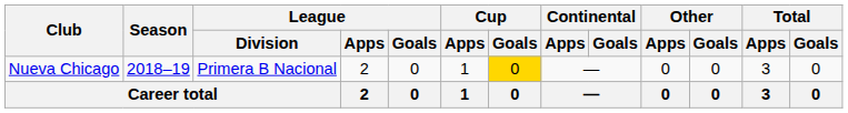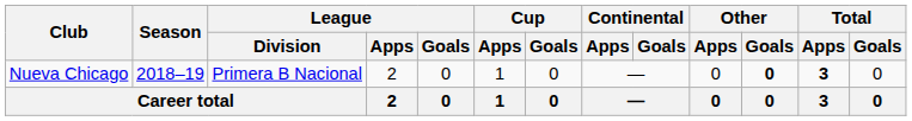 <table class="wikitable" style="text-align:center">
 <tr>
 <th rowspan="2">Club</th>
 <th rowspan="2">Season</th>
 <th colspan="3">League</th>
 <th colspan="2">Cup</th>
 <th colspan="2">Continental</th>
 <th colspan="2">Other</th>
 <th colspan="2">Total</th>
 </tr>
 <tr>
 <th>Division</th>
 <th>Apps</th>
 <th>Goals</th>
 <th>Apps</th>
 <th>Goals</th>
 <th>Apps</th>
 <th>Goals</th>
 <th>Apps</th>
 <th>Goals</th>
 <th>Apps</th>
 <th>Goals</th>
 </tr>
 <tr>
 <td rowspan="1"><a href='#'>Nueva Chicago</a></td>
 <td><a href='#'>2018–19</a></td>
 <td rowspan="1"><a href='#'>Primera B Nacional</a></td>
 <td>2</td>
 <td>0</td>
 <td>1</td>
-<td style="background: gold;">0</td>
+<td>0</td>
 <td colspan="2">—</td>
 <td>0</td>
-<td>0</td>
-<td>3</td>
+<td><strong>0</strong></td>
+<td><strong>3</strong></td>
 <td>0</td>
 </tr>
 <tr>
 <th colspan="3">Career total</th>
 <th>2</th>
 <th>0</th>
 <th>1</th>
 <th>0</th>
 <th colspan="2">—</th>
 <th>0</th>
 <th>0</th>
 <th>3</th>
 <th>0</th>
 </tr>
 </table>
